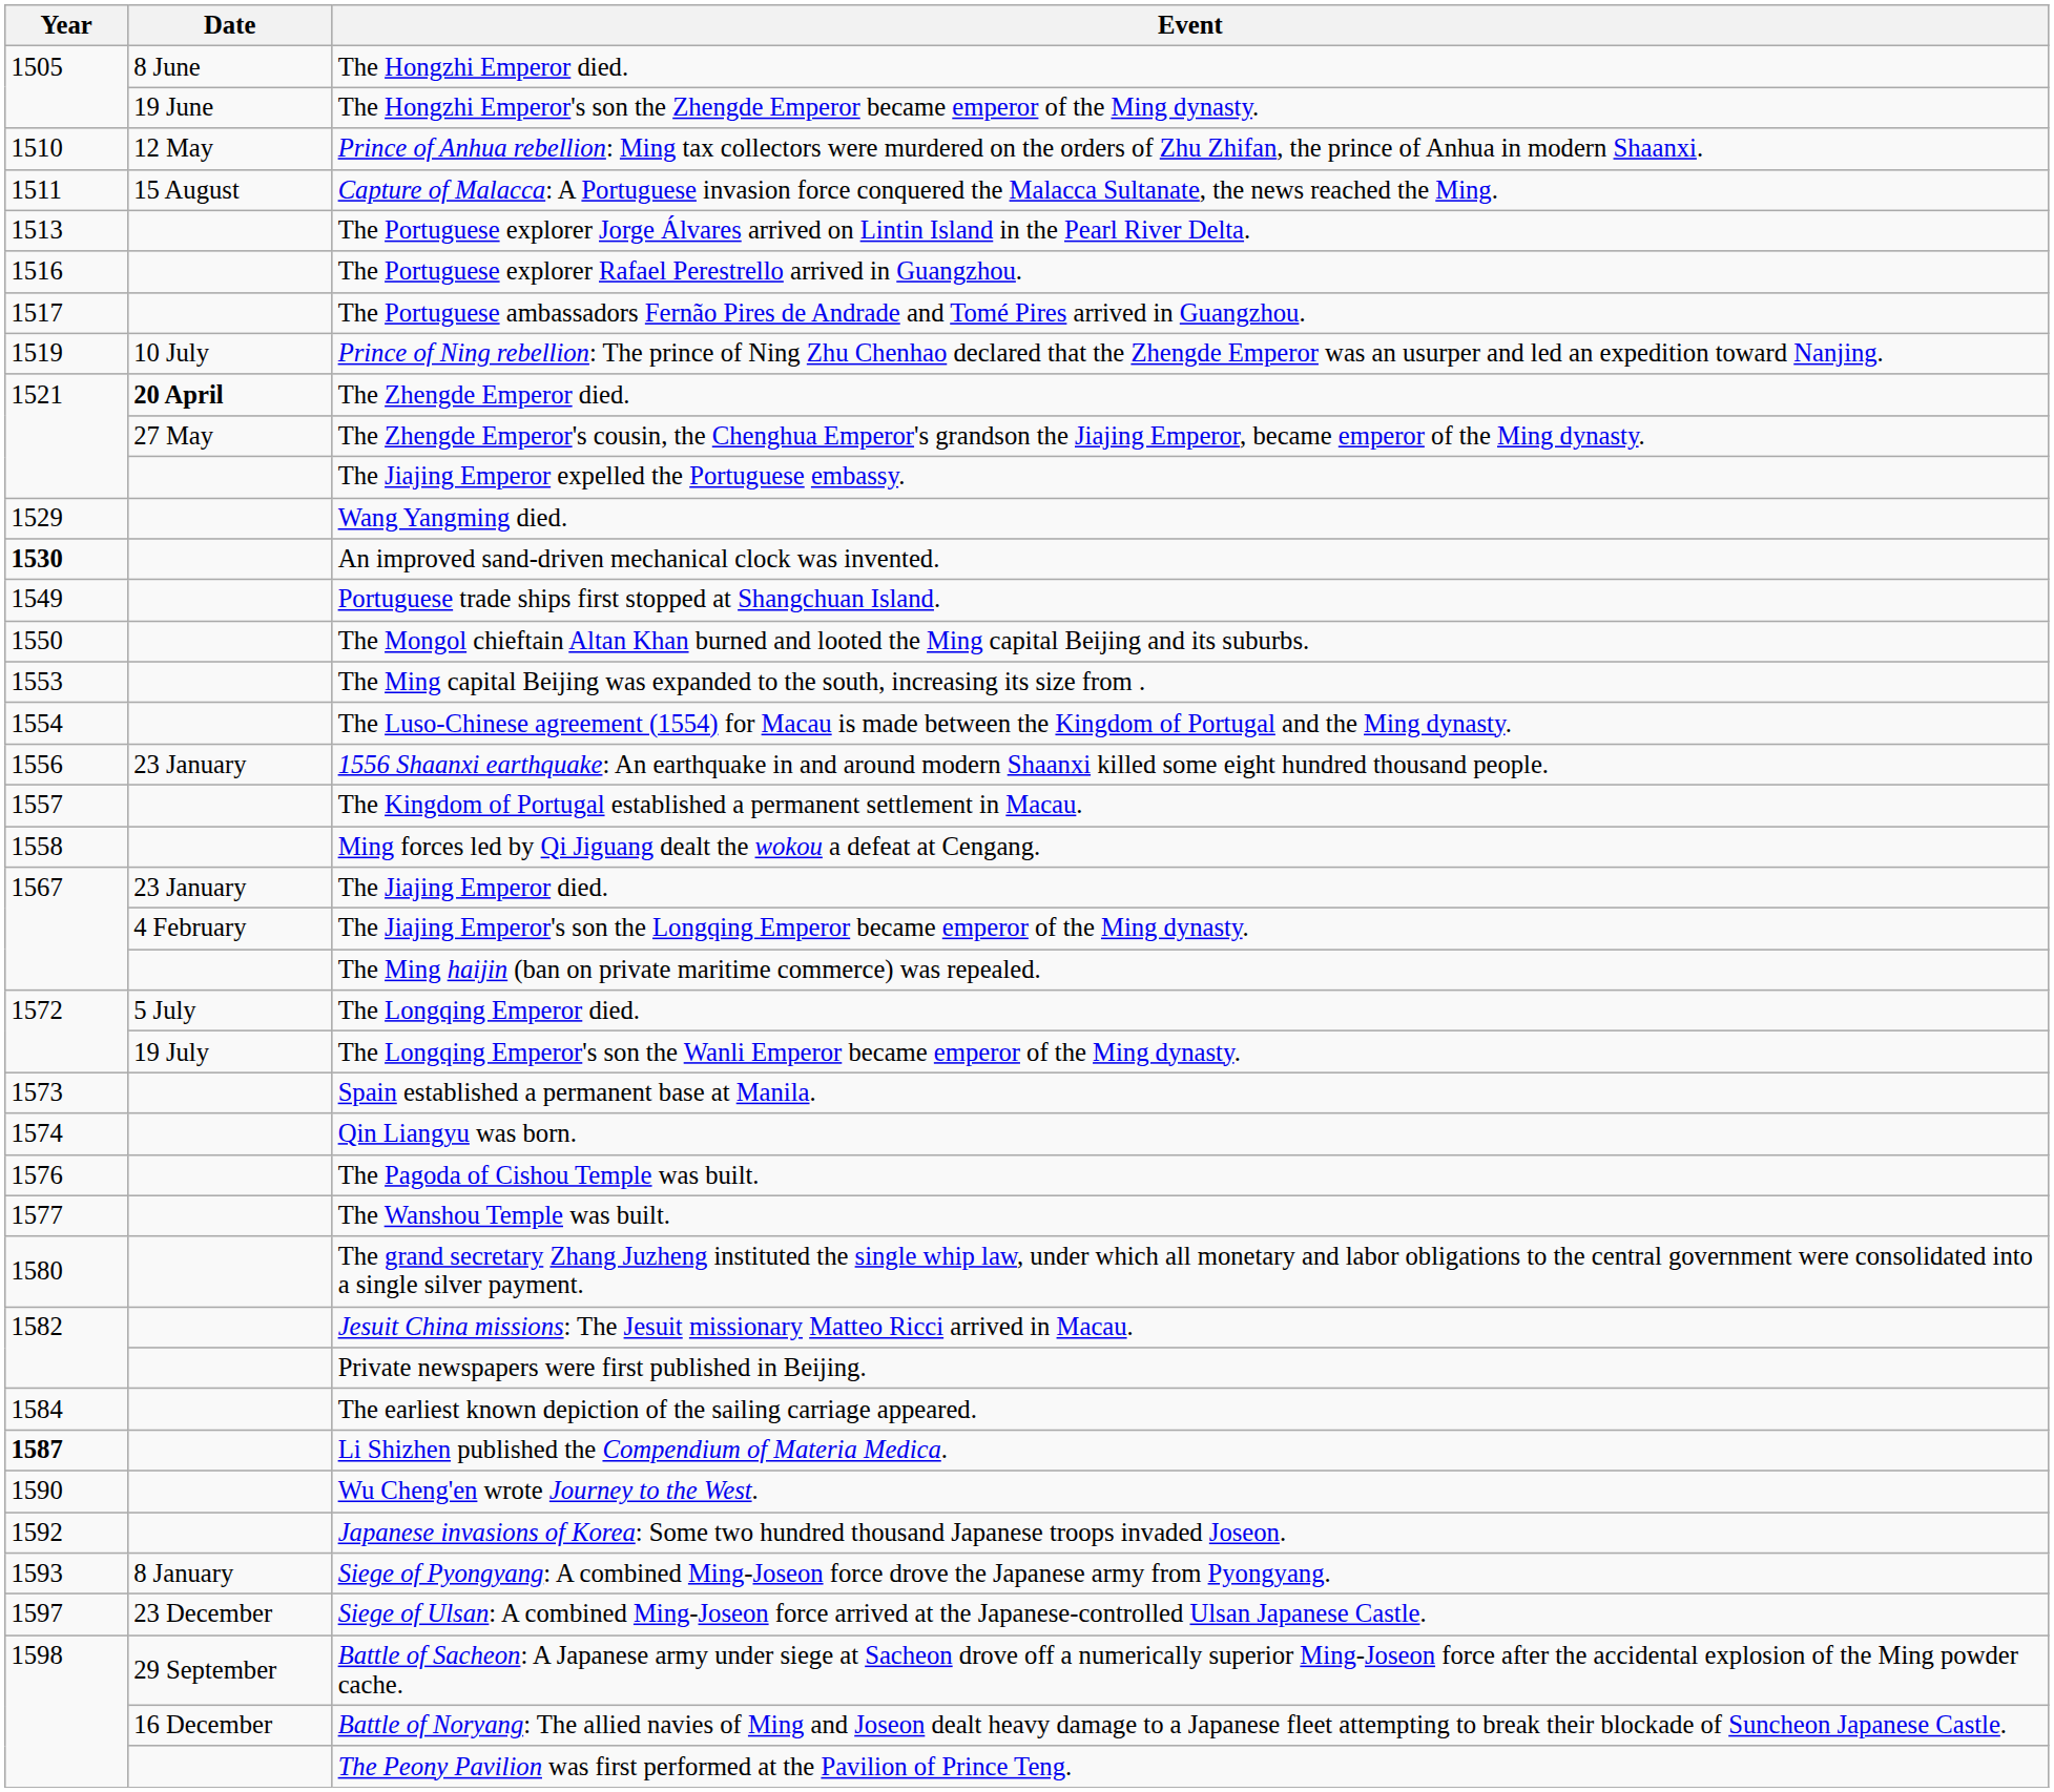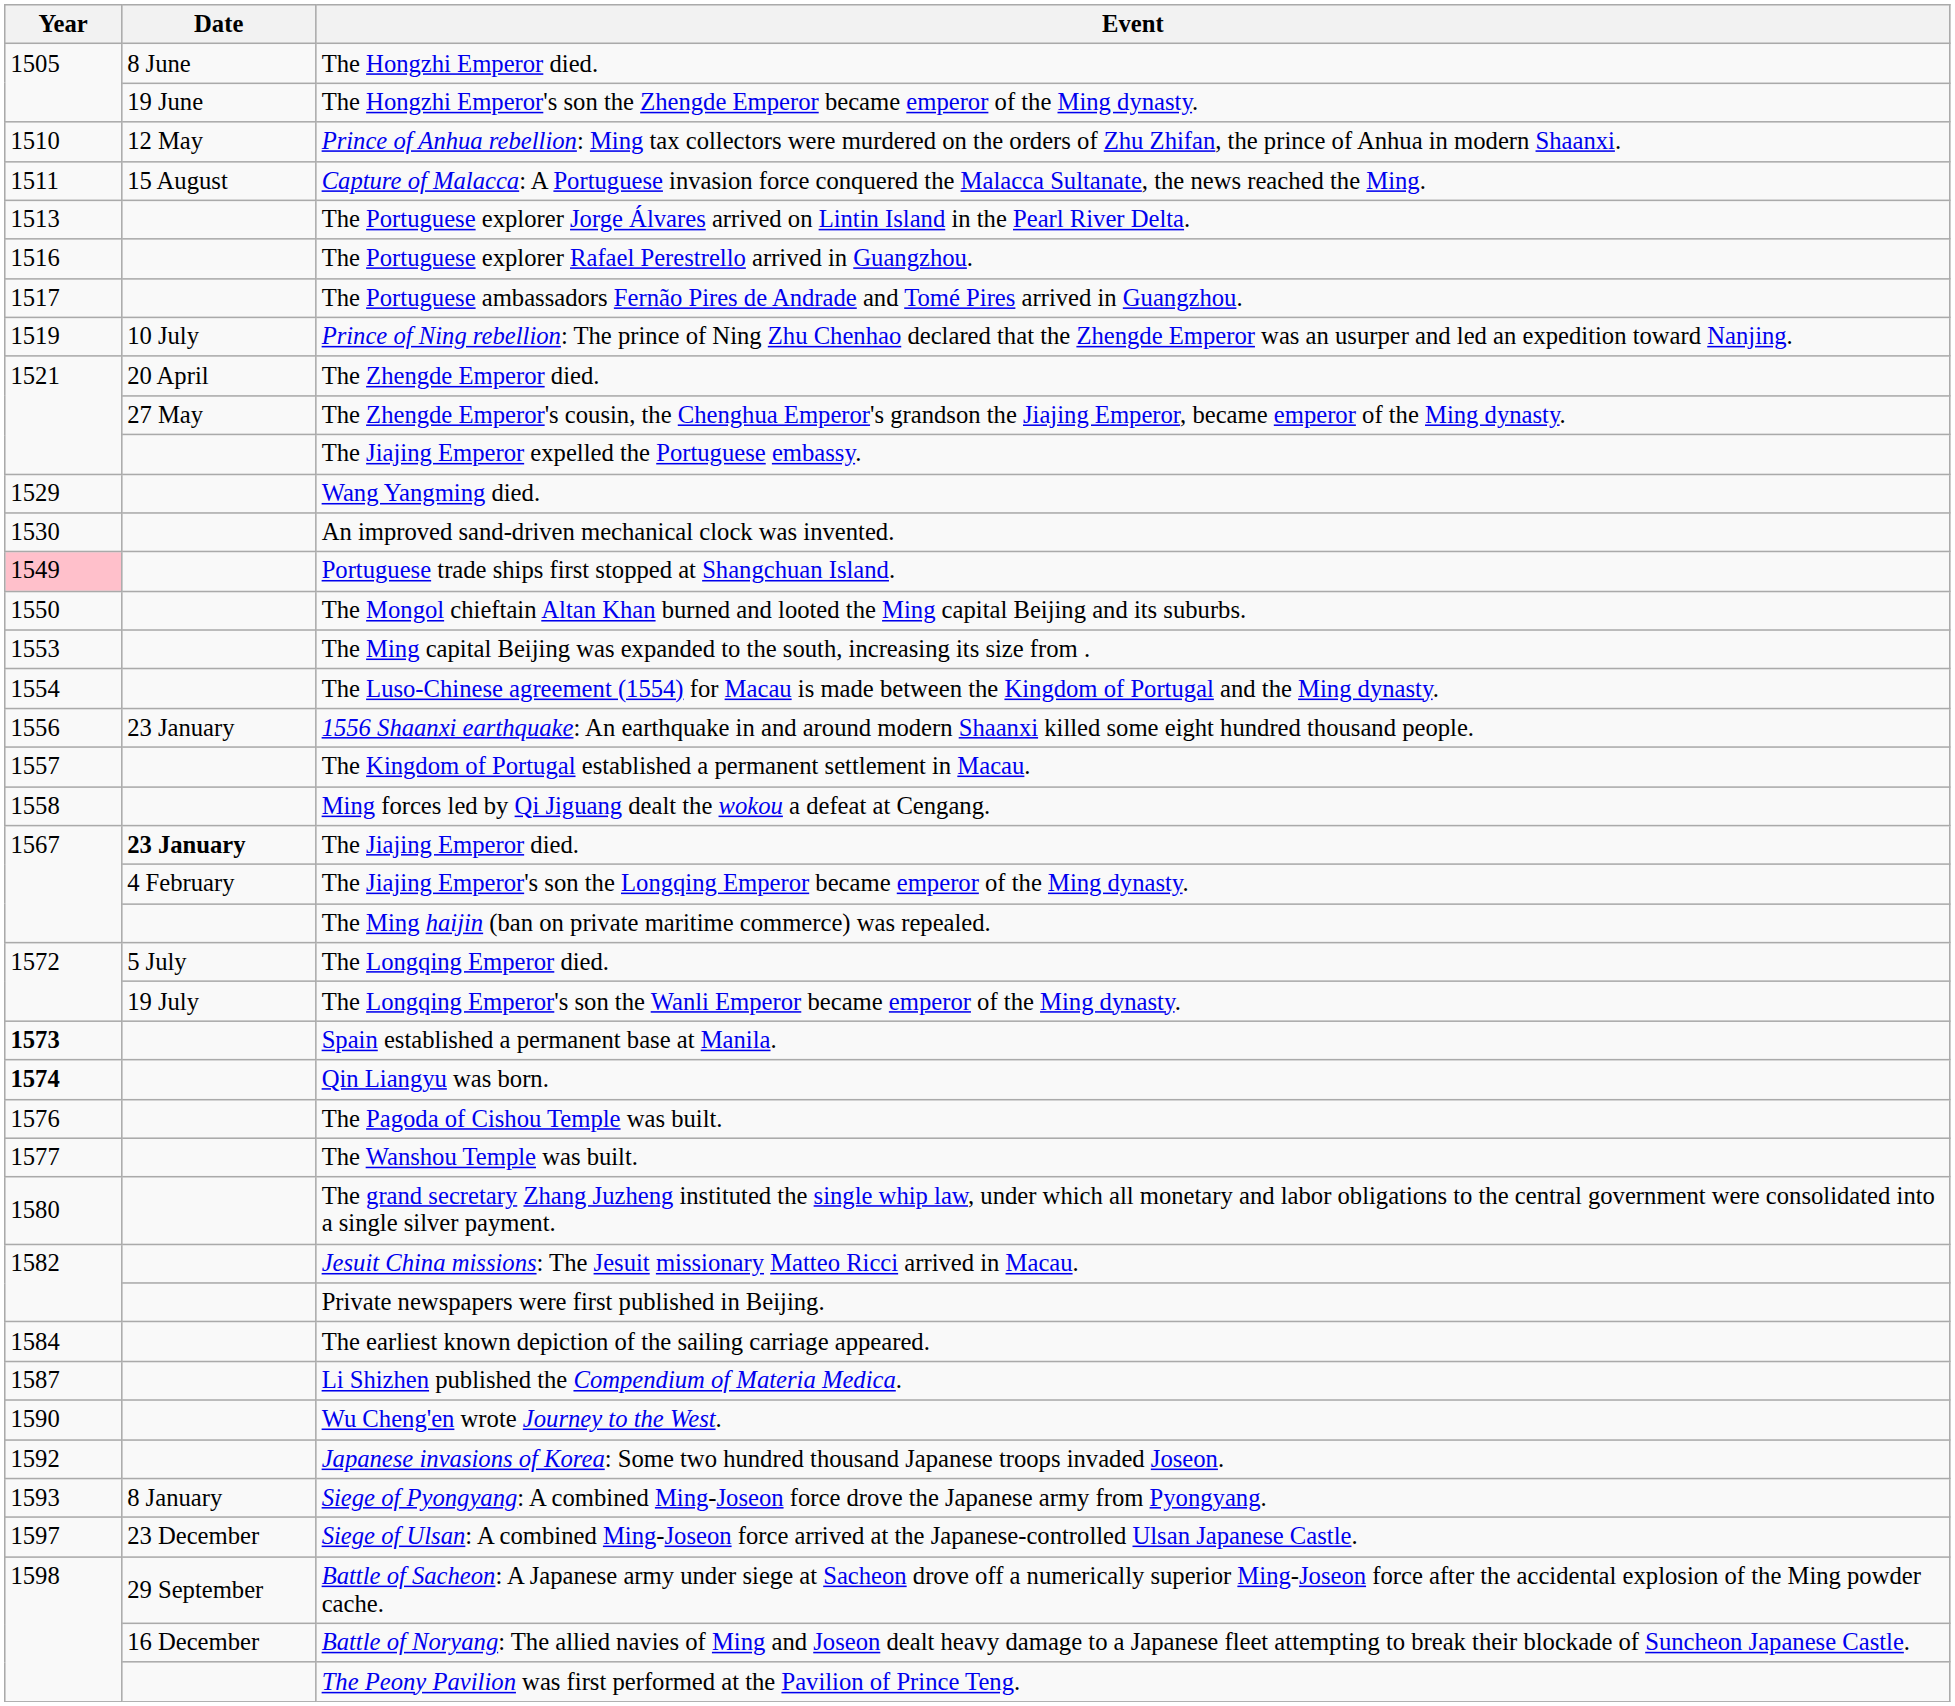 <table class="wikitable" width="100%">
 <tr>
 <th style="width:6%">Year</th>
 <th style="width:10%">Date</th>
 <th>Event</th>
 </tr>
 <tr>
 <td rowspan="2" valign="top">1505</td>
 <td>8 June</td>
 <td>The <a href='#'>Hongzhi Emperor</a> died.</td>
 </tr>
 <tr>
 <td>19 June</td>
 <td>The <a href='#'>Hongzhi Emperor</a>'s son the <a href='#'>Zhengde Emperor</a> became <a href='#'>emperor</a> of the <a href='#'>Ming dynasty</a>.</td>
 </tr>
 <tr>
 <td>1510</td>
 <td>12 May</td>
 <td><em><a href='#'>Prince of Anhua rebellion</a></em>: <a href='#'>Ming</a> tax collectors were murdered on the orders of <a href='#'>Zhu Zhifan</a>, the prince of Anhua in modern <a href='#'>Shaanxi</a>.</td>
 </tr>
 <tr>
 <td>1511</td>
 <td>15 August</td>
 <td><em><a href='#'>Capture of Malacca</a></em>: A <a href='#'>Portuguese</a> invasion force conquered the <a href='#'>Malacca Sultanate</a>, the news reached the <a href='#'>Ming</a>.</td>
 </tr>
 <tr>
 <td>1513</td>
 <td></td>
 <td>The <a href='#'>Portuguese</a> explorer <a href='#'>Jorge Álvares</a> arrived on <a href='#'>Lintin Island</a> in the <a href='#'>Pearl River Delta</a>.</td>
 </tr>
 <tr>
 <td>1516</td>
 <td></td>
 <td>The <a href='#'>Portuguese</a> explorer <a href='#'>Rafael Perestrello</a> arrived in <a href='#'>Guangzhou</a>.</td>
 </tr>
 <tr>
 <td>1517</td>
 <td></td>
 <td>The <a href='#'>Portuguese</a> ambassadors <a href='#'>Fernão Pires de Andrade</a> and <a href='#'>Tomé Pires</a> arrived in <a href='#'>Guangzhou</a>.</td>
 </tr>
 <tr>
 <td>1519</td>
 <td>10 July</td>
 <td><em><a href='#'>Prince of Ning rebellion</a></em>: The prince of Ning <a href='#'>Zhu Chenhao</a> declared that the <a href='#'>Zhengde Emperor</a> was an usurper and led an expedition toward <a href='#'>Nanjing</a>.</td>
 </tr>
 <tr>
 <td rowspan="3" valign="top">1521</td>
-<td><strong>20 April</strong></td>
+<td>20 April</td>
 <td>The <a href='#'>Zhengde Emperor</a> died.</td>
 </tr>
 <tr>
 <td>27 May</td>
 <td>The <a href='#'>Zhengde Emperor</a>'s cousin, the <a href='#'>Chenghua Emperor</a>'s grandson the <a href='#'>Jiajing Emperor</a>, became <a href='#'>emperor</a> of the <a href='#'>Ming dynasty</a>.</td>
 </tr>
 <tr>
 <td></td>
 <td>The <a href='#'>Jiajing Emperor</a> expelled the <a href='#'>Portuguese</a> <a href='#'>embassy</a>.</td>
 </tr>
 <tr>
 <td>1529</td>
 <td></td>
 <td><a href='#'>Wang Yangming</a> died.</td>
 </tr>
 <tr>
-<td><strong>1530</strong></td>
+<td>1530</td>
 <td></td>
 <td>An improved sand-driven mechanical clock was invented.</td>
 </tr>
 <tr>
-<td>1549</td>
+<td style="background: pink;">1549</td>
 <td></td>
 <td><a href='#'>Portuguese</a> trade ships first stopped at <a href='#'>Shangchuan Island</a>.</td>
 </tr>
 <tr>
 <td>1550</td>
 <td></td>
 <td>The <a href='#'>Mongol</a> chieftain <a href='#'>Altan Khan</a> burned and looted the <a href='#'>Ming</a> capital Beijing and its suburbs.</td>
 </tr>
 <tr>
 <td>1553</td>
 <td></td>
 <td>The <a href='#'>Ming</a> capital Beijing was expanded to the south, increasing its size from .</td>
 </tr>
 <tr>
 <td>1554</td>
 <td></td>
 <td>The <a href='#'>Luso-Chinese agreement (1554)</a> for <a href='#'>Macau</a> is made between the <a href='#'>Kingdom of Portugal</a> and the <a href='#'>Ming dynasty</a>.</td>
 </tr>
 <tr>
 <td>1556</td>
 <td>23 January</td>
 <td><em><a href='#'>1556 Shaanxi earthquake</a></em>: An earthquake in and around modern <a href='#'>Shaanxi</a> killed some eight hundred thousand people.</td>
 </tr>
 <tr>
 <td>1557</td>
 <td></td>
 <td>The <a href='#'>Kingdom of Portugal</a> established a permanent settlement in <a href='#'>Macau</a>.</td>
 </tr>
 <tr>
 <td>1558</td>
 <td></td>
 <td><a href='#'>Ming</a> forces led by <a href='#'>Qi Jiguang</a> dealt the <em><a href='#'>wokou</a></em> a defeat at Cengang.</td>
 </tr>
 <tr>
 <td rowspan="3" valign="top">1567</td>
-<td>23 January</td>
+<td><strong>23 January</strong></td>
 <td>The <a href='#'>Jiajing Emperor</a> died.</td>
 </tr>
 <tr>
 <td>4 February</td>
 <td>The <a href='#'>Jiajing Emperor</a>'s son the <a href='#'>Longqing Emperor</a> became <a href='#'>emperor</a> of the <a href='#'>Ming dynasty</a>.</td>
 </tr>
 <tr>
 <td></td>
 <td>The <a href='#'>Ming</a> <em><a href='#'>haijin</a></em> (ban on private maritime commerce) was repealed.</td>
 </tr>
 <tr>
 <td rowspan="2" valign="top">1572</td>
 <td>5 July</td>
 <td>The <a href='#'>Longqing Emperor</a> died.</td>
 </tr>
 <tr>
 <td>19 July</td>
 <td>The <a href='#'>Longqing Emperor</a>'s son the <a href='#'>Wanli Emperor</a> became <a href='#'>emperor</a> of the <a href='#'>Ming dynasty</a>.</td>
 </tr>
 <tr>
-<td>1573</td>
+<td><strong>1573</strong></td>
 <td></td>
 <td><a href='#'>Spain</a> established a permanent base at <a href='#'>Manila</a>.</td>
 </tr>
 <tr>
-<td>1574</td>
+<td><strong>1574</strong></td>
 <td></td>
 <td><a href='#'>Qin Liangyu</a> was born.</td>
 </tr>
 <tr>
 <td>1576</td>
 <td></td>
 <td>The <a href='#'>Pagoda of Cishou Temple</a> was built.</td>
 </tr>
 <tr>
 <td>1577</td>
 <td></td>
 <td>The <a href='#'>Wanshou Temple</a> was built.</td>
 </tr>
 <tr>
 <td>1580</td>
 <td></td>
 <td>The <a href='#'>grand secretary</a> <a href='#'>Zhang Juzheng</a> instituted the <a href='#'>single whip law</a>, under which all monetary and labor obligations to the central government were consolidated into a single silver payment.</td>
 </tr>
 <tr>
 <td rowspan="2" valign="top">1582</td>
 <td></td>
 <td><em><a href='#'>Jesuit China missions</a></em>: The <a href='#'>Jesuit</a> <a href='#'>missionary</a> <a href='#'>Matteo Ricci</a> arrived in <a href='#'>Macau</a>.</td>
 </tr>
 <tr>
 <td></td>
 <td>Private newspapers were first published in Beijing.</td>
 </tr>
 <tr>
 <td>1584</td>
 <td></td>
 <td>The earliest known depiction of the sailing carriage appeared.</td>
 </tr>
 <tr>
-<td><strong>1587</strong></td>
+<td>1587</td>
 <td></td>
 <td><a href='#'>Li Shizhen</a> published the <em><a href='#'>Compendium of Materia Medica</a></em>.</td>
 </tr>
 <tr>
 <td>1590</td>
 <td></td>
 <td><a href='#'>Wu Cheng'en</a> wrote <em><a href='#'>Journey to the West</a></em>.</td>
 </tr>
 <tr>
 <td>1592</td>
 <td></td>
 <td><em><a href='#'>Japanese invasions of Korea</a></em>: Some two hundred thousand Japanese troops invaded <a href='#'>Joseon</a>.</td>
 </tr>
 <tr>
 <td>1593</td>
 <td>8 January</td>
 <td><em><a href='#'>Siege of Pyongyang</a></em>: A combined <a href='#'>Ming</a>-<a href='#'>Joseon</a> force drove the Japanese army from <a href='#'>Pyongyang</a>.</td>
 </tr>
 <tr>
 <td>1597</td>
 <td>23 December</td>
 <td><em><a href='#'>Siege of Ulsan</a></em>: A combined <a href='#'>Ming</a>-<a href='#'>Joseon</a> force arrived at the Japanese-controlled <a href='#'>Ulsan Japanese Castle</a>.</td>
 </tr>
 <tr>
 <td rowspan="3" valign="top">1598</td>
 <td>29 September</td>
 <td><em><a href='#'>Battle of Sacheon</a></em>: A Japanese army under siege at <a href='#'>Sacheon</a> drove off a numerically superior <a href='#'>Ming</a>-<a href='#'>Joseon</a> force after the accidental explosion of the Ming powder cache.</td>
 </tr>
 <tr>
 <td>16 December</td>
 <td><em><a href='#'>Battle of Noryang</a></em>: The allied navies of <a href='#'>Ming</a> and <a href='#'>Joseon</a> dealt heavy damage to a Japanese fleet attempting to break their blockade of <a href='#'>Suncheon Japanese Castle</a>.</td>
 </tr>
 <tr>
 <td></td>
 <td><em><a href='#'>The Peony Pavilion</a></em> was first performed at the <a href='#'>Pavilion of Prince Teng</a>.</td>
 </tr>
 </table>
